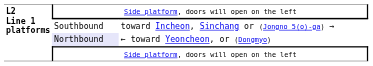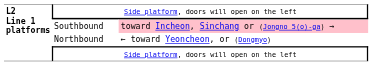 <table table border=0 cellspacing=0 cellpadding=3>
 <tr>
 <td style="border-top:solid 1px gray;border-bottom:solid 1px gray;" width=50 rowspan=10 valign=top><strong>L2<br>Line 1 platforms</strong></td>
 <td style="border-top:solid 1px gray;border-right:solid 2px black;border-left:solid 2px black;border-bottom:solid 2px black;text-align:center;" colspan=2><small><a href='#'>Side platform</a>, doors will open on the left</small></td>
 </tr>
 <tr>
 <td style="border-bottom:solid 0px gray;border-top:solid 1px gray;" width=100>Southbound</td>
-<td style="border-bottom:solid 0px gray;border-top:solid 1px gray;" width=390>  toward <a href='#'>Incheon</a>, <a href='#'>Sinchang</a> or  <small>(<a href='#'>Jongno 5(o)-ga</a>)</small> →</td>
+<td style="background: pink; border-bottom:solid 0px gray;border-top:solid 1px gray;" width=390>  toward <a href='#'>Incheon</a>, <a href='#'>Sinchang</a> or  <small>(<a href='#'>Jongno 5(o)-ga</a>)</small> →</td>
 </tr>
 <tr>
-<td style="background: lavender;">Northbound</td>
+<td>Northbound</td>
 <td>←  toward <a href='#'>Yeoncheon</a>,  or  <small>(<a href='#'>Dongmyo</a>)</small></td>
 </tr>
 <tr>
 <td style="border-top:solid 2px black;border-right:solid 2px black;border-left:solid 2px black;border-bottom:solid 1px gray;text-align:center;" colspan=2><small><a href='#'>Side platform</a>, doors will open on the left</small></td>
 </tr>
 </table>
